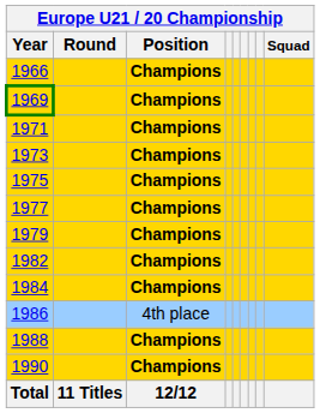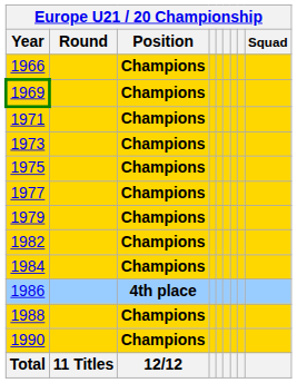 <table class="wikitable" style="text-align: center;">
 <tr>
 <th colspan=9><a href='#'>Europe U21 / 20 Championship</a></th>
 </tr>
 <tr>
 <th>Year</th>
 <th>Round</th>
 <th>Position</th>
 <th></th>
 <th></th>
 <th></th>
 <th></th>
 <th></th>
 <th><small>Squad</small></th>
 </tr>
 <tr bgcolor=gold>
 <td> <a href='#'>1966</a></td>
 <td></td>
 <td><strong>Champions</strong></td>
 <td></td>
 <td></td>
 <td></td>
 <td></td>
 <td></td>
 <td></td>
 </tr>
 <tr bgcolor=gold>
 <td style="border:3px solid green"> <a href='#'>1969</a></td>
 <td></td>
 <td><strong>Champions</strong></td>
 <td></td>
 <td></td>
 <td></td>
 <td></td>
 <td></td>
 <td></td>
 </tr>
 <tr bgcolor=gold>
 <td> <a href='#'>1971</a></td>
 <td></td>
 <td><strong>Champions</strong></td>
 <td></td>
 <td></td>
 <td></td>
 <td></td>
 <td></td>
 <td></td>
 </tr>
 <tr bgcolor=gold>
 <td> <a href='#'>1973</a></td>
 <td></td>
 <td><strong>Champions</strong></td>
 <td></td>
 <td></td>
 <td></td>
 <td></td>
 <td></td>
 <td></td>
 </tr>
 <tr bgcolor=gold>
 <td> <a href='#'>1975</a></td>
 <td></td>
 <td><strong>Champions</strong></td>
 <td></td>
 <td></td>
 <td></td>
 <td></td>
 <td></td>
 <td></td>
 </tr>
 <tr bgcolor=gold>
 <td> <a href='#'>1977</a></td>
 <td></td>
 <td><strong>Champions</strong></td>
 <td></td>
 <td></td>
 <td></td>
 <td></td>
 <td></td>
 <td></td>
 </tr>
 <tr bgcolor=gold>
 <td> <a href='#'>1979</a></td>
 <td></td>
 <td><strong>Champions</strong></td>
 <td></td>
 <td></td>
 <td></td>
 <td></td>
 <td></td>
 <td></td>
 </tr>
 <tr bgcolor=gold>
 <td> <a href='#'>1982</a></td>
 <td></td>
 <td><strong>Champions</strong></td>
 <td></td>
 <td></td>
 <td></td>
 <td></td>
 <td></td>
 <td></td>
 </tr>
 <tr bgcolor=gold>
 <td> <a href='#'>1984</a></td>
 <td></td>
 <td><strong>Champions</strong></td>
 <td></td>
 <td></td>
 <td></td>
 <td></td>
 <td></td>
 <td></td>
 </tr>
 <tr bgcolor=9acdff>
 <td> <a href='#'>1986</a></td>
 <td></td>
-<td>4th place</td>
+<td><strong>4th place</strong></td>
 <td></td>
 <td></td>
 <td></td>
 <td></td>
 <td></td>
 <td></td>
 </tr>
 <tr bgcolor=gold>
 <td> <a href='#'>1988</a></td>
 <td></td>
 <td><strong>Champions</strong></td>
 <td></td>
 <td></td>
 <td></td>
 <td></td>
 <td></td>
 <td></td>
 </tr>
 <tr bgcolor=gold>
 <td> <a href='#'>1990</a></td>
 <td></td>
 <td><strong>Champions</strong></td>
 <td></td>
 <td></td>
 <td></td>
 <td></td>
 <td></td>
 <td></td>
 </tr>
 <tr>
 <th>Total</th>
 <th>11 Titles</th>
 <th>12/12</th>
 <th></th>
 <th></th>
 <th></th>
 <th></th>
 <th></th>
 <th></th>
 </tr>
 </table>
